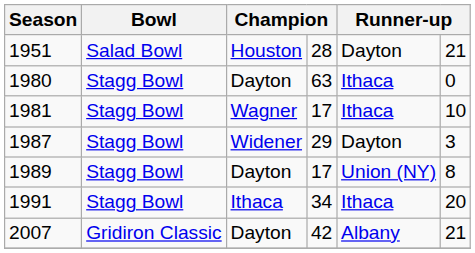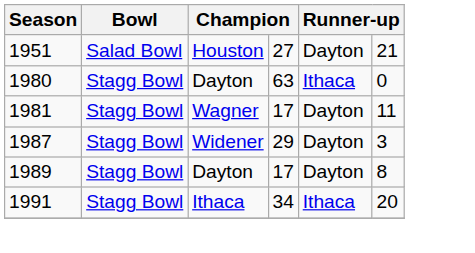 <table class="wikitable"; style= "text-align: ">
 <tr>
 <th width=px>Season</th>
 <th width=px>Bowl</th>
 <th colspan=2>Champion</th>
 <th colspan=2>Runner-up</th>
 </tr>
 <tr>
 <td>1951</td>
 <td><a href='#'>Salad Bowl</a></td>
 <td><a href='#'>Houston</a></td>
-<td>28</td>
+<td>27</td>
 <td>Dayton</td>
 <td>21</td>
 </tr>
 <tr>
 <td>1980</td>
 <td><a href='#'>Stagg Bowl</a></td>
 <td>Dayton</td>
 <td>63</td>
 <td><a href='#'>Ithaca</a></td>
 <td>0</td>
 </tr>
 <tr>
 <td>1981</td>
 <td><a href='#'>Stagg Bowl</a></td>
 <td><a href='#'>Wagner</a></td>
 <td>17</td>
-<td><a href='#'>Ithaca</a></td>
-<td>10</td>
+<td>Dayton</td>
+<td>11</td>
 </tr>
 <tr>
 <td>1987</td>
 <td><a href='#'>Stagg Bowl</a></td>
 <td><a href='#'>Widener</a></td>
 <td>29</td>
 <td>Dayton</td>
 <td>3</td>
 </tr>
 <tr>
 <td>1989</td>
 <td><a href='#'>Stagg Bowl</a></td>
 <td>Dayton</td>
 <td>17</td>
-<td><a href='#'>Union (NY)</a></td>
+<td>Dayton</td>
 <td>8</td>
 </tr>
 <tr>
 <td>1991</td>
 <td><a href='#'>Stagg Bowl</a></td>
 <td><a href='#'>Ithaca</a></td>
 <td>34</td>
 <td><a href='#'>Ithaca</a></td>
 <td>20</td>
 </tr>
 <tr>
-<td>2007</td>
-<td><a href='#'>Gridiron Classic</a></td>
-<td>Dayton</td>
-<td>42</td>
-<td><a href='#'>Albany</a></td>
-<td>21</td>
-</tr>
-<tr>
 </tr>
 </table>
